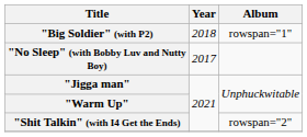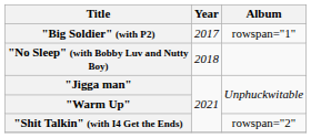 <table class="wikitable plainrowheaders" style="text-align:center;">
 <tr>
 <th scope="col" style="width:15em;">Title</th>
 <th scope="col">Year</th>
 <th scope="col">Album</th>
 </tr>
 <tr>
 <th scope="row">"Big Soldier" <small>(with P2)</small></th>
-<td rowspan="1"><em>2018</em></td>
+<td rowspan="1"><em>2017</em></td>
 <td>rowspan="1" </td>
 </tr>
 <tr>
 <th scope="row">"No Sleep" <small>(with Bobby Luv and Nutty Boy)</small></th>
-<td rowspan="1"><em>2017</em></td>
+<td rowspan="1"><em>2018</em></td>
 </tr>
 <tr>
 <th scope="row">"Jigga man"</th>
 <td rowspan="3"><em>2021</em></td>
 <td rowspan="2"><em>Unphuckwitable</em></td>
 </tr>
 <tr>
 <th scope="row">"Warm Up"</th>
 </tr>
 <tr>
 <th scope="row">"Shit Talkin" <small>(with I4 Get the Ends)</small></th>
 <td>rowspan="2" </td>
 </tr>
 <tr>
 </tr>
 </table>
